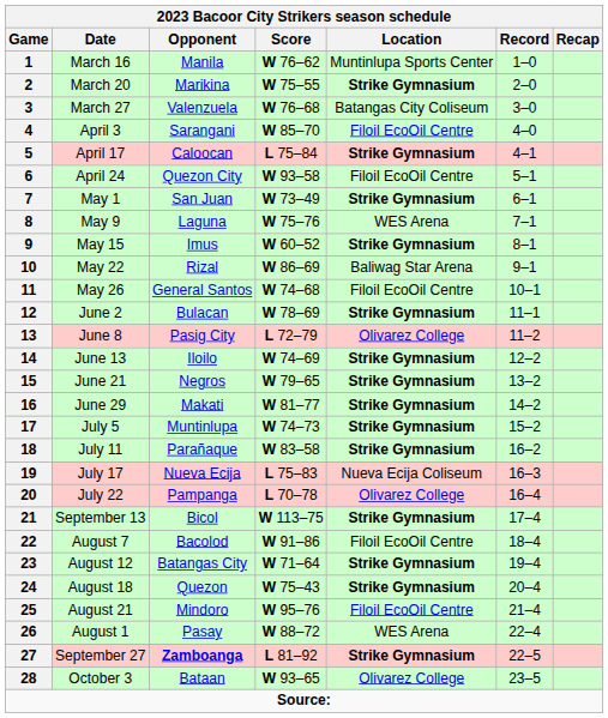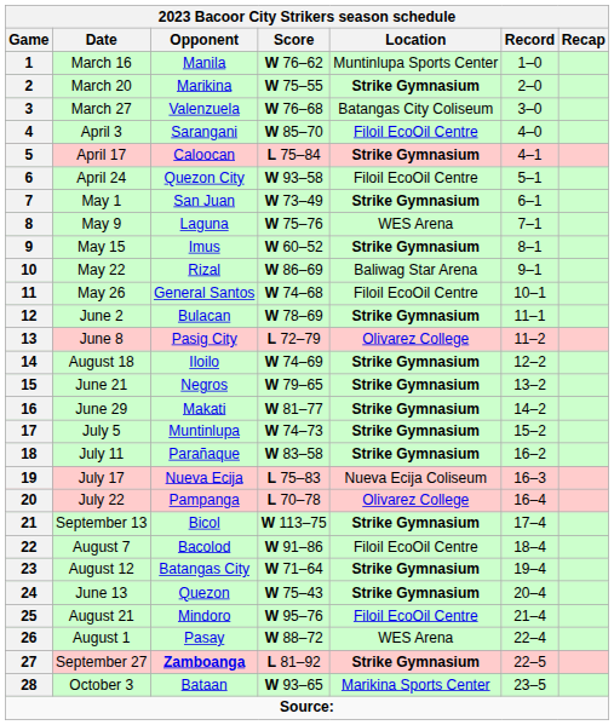 <table class="wikitable" style="text-align:center">
 <tr>
 <th colspan=7>2023 Bacoor City Strikers season schedule</th>
 </tr>
 <tr>
 <th>Game</th>
 <th>Date</th>
 <th>Opponent</th>
 <th>Score</th>
 <th>Location</th>
 <th>Record</th>
 <th>Recap<br></th>
 </tr>
 <tr style="background:#cfc">
 <th>1</th>
 <td>March 16</td>
 <td><a href='#'>Manila</a></td>
 <td><strong>W</strong> 76–62</td>
 <td>Muntinlupa Sports Center</td>
 <td>1–0</td>
 <td></td>
 </tr>
 <tr style="background:#cfc">
 <th>2</th>
 <td>March 20</td>
 <td><a href='#'>Marikina</a></td>
 <td><strong>W</strong> 75–55</td>
 <td><strong>Strike Gymnasium</strong></td>
 <td>2–0</td>
 <td></td>
 </tr>
 <tr style="background:#cfc">
 <th>3</th>
 <td>March 27</td>
 <td><a href='#'>Valenzuela</a></td>
 <td><strong>W</strong> 76–68</td>
 <td>Batangas City Coliseum</td>
 <td>3–0</td>
 <td></td>
 </tr>
 <tr style="background:#cfc">
 <th>4</th>
 <td>April 3</td>
 <td><a href='#'>Sarangani</a></td>
 <td><strong>W</strong> 85–70</td>
 <td><a href='#'>Filoil EcoOil Centre</a></td>
 <td>4–0</td>
 <td></td>
 </tr>
 <tr style="background:#fcc">
 <th>5</th>
 <td>April 17</td>
 <td><a href='#'>Caloocan</a></td>
 <td><strong>L</strong> 75–84</td>
 <td><strong>Strike Gymnasium</strong></td>
 <td>4–1</td>
 <td></td>
 </tr>
 <tr style="background:#cfc">
 <th>6</th>
 <td>April 24</td>
 <td><a href='#'>Quezon City</a></td>
 <td><strong>W</strong> 93–58</td>
 <td>Filoil EcoOil Centre</td>
 <td>5–1</td>
 <td></td>
 </tr>
 <tr style="background:#cfc">
 <th>7</th>
 <td>May 1</td>
 <td><a href='#'>San Juan</a></td>
 <td><strong>W</strong> 73–49</td>
 <td><strong>Strike Gymnasium</strong></td>
 <td>6–1</td>
 <td></td>
 </tr>
 <tr style="background:#cfc">
 <th>8</th>
 <td>May 9</td>
 <td><a href='#'>Laguna</a></td>
 <td><strong>W</strong> 75–76</td>
 <td>WES Arena</td>
 <td>7–1</td>
 <td></td>
 </tr>
 <tr style="background:#cfc">
 <th>9</th>
 <td>May 15</td>
 <td><a href='#'>Imus</a></td>
 <td><strong>W</strong> 60–52</td>
 <td><strong>Strike Gymnasium</strong></td>
 <td>8–1</td>
 <td></td>
 </tr>
 <tr style="background:#cfc">
 <th>10</th>
 <td>May 22</td>
 <td><a href='#'>Rizal</a></td>
 <td><strong>W</strong> 86–69</td>
 <td>Baliwag Star Arena</td>
 <td>9–1</td>
 <td></td>
 </tr>
 <tr style="background:#cfc">
 <th>11</th>
 <td>May 26</td>
 <td><a href='#'>General Santos</a></td>
 <td><strong>W</strong> 74–68</td>
 <td>Filoil EcoOil Centre</td>
 <td>10–1</td>
 <td><br></td>
 </tr>
 <tr style="background:#cfc">
 <th>12</th>
 <td>June 2</td>
 <td><a href='#'>Bulacan</a></td>
 <td><strong>W</strong> 78–69</td>
 <td><strong>Strike Gymnasium</strong></td>
 <td>11–1</td>
 <td></td>
 </tr>
 <tr style="background:#fcc">
 <th>13</th>
 <td>June 8</td>
 <td><a href='#'>Pasig City</a></td>
 <td><strong>L</strong> 72–79</td>
 <td><a href='#'>Olivarez College</a></td>
 <td>11–2</td>
 <td></td>
 </tr>
 <tr style="background:#cfc">
 <th>14</th>
-<td>June 13</td>
+<td>August 18</td>
 <td><a href='#'>Iloilo</a></td>
 <td><strong>W</strong> 74–69</td>
 <td><strong>Strike Gymnasium</strong></td>
 <td>12–2</td>
 <td></td>
 </tr>
 <tr style="background:#cfc">
 <th>15</th>
 <td>June 21</td>
 <td><a href='#'>Negros</a></td>
 <td><strong>W</strong> 79–65</td>
 <td><strong>Strike Gymnasium</strong></td>
 <td>13–2</td>
 <td></td>
 </tr>
 <tr style="background:#cfc">
 <th>16</th>
 <td>June 29</td>
 <td><a href='#'>Makati</a></td>
 <td><strong>W</strong> 81–77</td>
 <td><strong>Strike Gymnasium</strong></td>
 <td>14–2</td>
 <td></td>
 </tr>
 <tr style="background:#cfc">
 <th>17</th>
 <td>July 5</td>
 <td><a href='#'>Muntinlupa</a></td>
 <td><strong>W</strong> 74–73</td>
 <td><strong>Strike Gymnasium</strong></td>
 <td>15–2</td>
 <td></td>
 </tr>
 <tr style="background:#cfc">
 <th>18</th>
 <td>July 11</td>
 <td><a href='#'>Parañaque</a></td>
 <td><strong>W</strong> 83–58</td>
 <td><strong>Strike Gymnasium</strong></td>
 <td>16–2</td>
 <td></td>
 </tr>
 <tr style="background:#fcc">
 <th>19</th>
 <td>July 17</td>
 <td><a href='#'>Nueva Ecija</a></td>
 <td><strong>L</strong> 75–83</td>
 <td>Nueva Ecija Coliseum</td>
 <td>16–3</td>
 <td></td>
 </tr>
 <tr style="background:#fcc">
 <th>20</th>
 <td>July 22</td>
 <td><a href='#'>Pampanga</a></td>
 <td><strong>L</strong> 70–78</td>
 <td><a href='#'>Olivarez College</a></td>
 <td>16–4</td>
 <td><br></td>
 </tr>
 <tr style="background:#cfc">
 <th>21</th>
 <td>September 13</td>
 <td><a href='#'>Bicol</a></td>
 <td><strong>W</strong> 113–75</td>
 <td><strong>Strike Gymnasium</strong></td>
 <td>17–4</td>
 <td></td>
 </tr>
 <tr style="background:#cfc">
 <th>22</th>
 <td>August 7</td>
 <td><a href='#'>Bacolod</a></td>
 <td><strong>W</strong> 91–86</td>
 <td>Filoil EcoOil Centre</td>
 <td>18–4</td>
 <td></td>
 </tr>
 <tr style="background:#cfc">
 <th>23</th>
 <td>August 12</td>
 <td><a href='#'>Batangas City</a></td>
 <td><strong>W</strong> 71–64</td>
 <td><strong>Strike Gymnasium</strong></td>
 <td>19–4</td>
 <td></td>
 </tr>
 <tr style="background:#cfc">
 <th>24</th>
-<td>August 18</td>
+<td>June 13</td>
 <td><a href='#'>Quezon</a></td>
 <td><strong>W</strong> 75–43</td>
 <td><strong>Strike Gymnasium</strong></td>
 <td>20–4</td>
 <td></td>
 </tr>
 <tr style="background:#cfc">
 <th>25</th>
 <td>August 21</td>
 <td><a href='#'>Mindoro</a></td>
 <td><strong>W</strong> 95–76</td>
 <td><a href='#'>Filoil EcoOil Centre</a></td>
 <td>21–4</td>
 <td></td>
 </tr>
 <tr style="background:#cfc">
 <th>26</th>
 <td>August 1</td>
 <td><a href='#'>Pasay</a></td>
 <td><strong>W</strong> 88–72</td>
 <td>WES Arena</td>
 <td>22–4</td>
 <td></td>
 </tr>
 <tr style="background:#fcc">
 <th>27</th>
 <td>September 27</td>
 <td><strong><a href='#'>Zamboanga</a></strong></td>
 <td><strong>L</strong> 81–92</td>
 <td><strong>Strike Gymnasium</strong></td>
 <td>22–5</td>
 <td></td>
 </tr>
 <tr style="background:#cfc">
 <th>28</th>
 <td>October 3</td>
 <td><a href='#'>Bataan</a></td>
 <td><strong>W</strong> 93–65</td>
-<td><a href='#'>Olivarez College</a></td>
+<td><a href='#'>Marikina Sports Center</a></td>
 <td>23–5</td>
 <td></td>
 </tr>
 <tr>
 <td colspan=7 align=center><strong>Source: </strong></td>
 </tr>
 </table>
